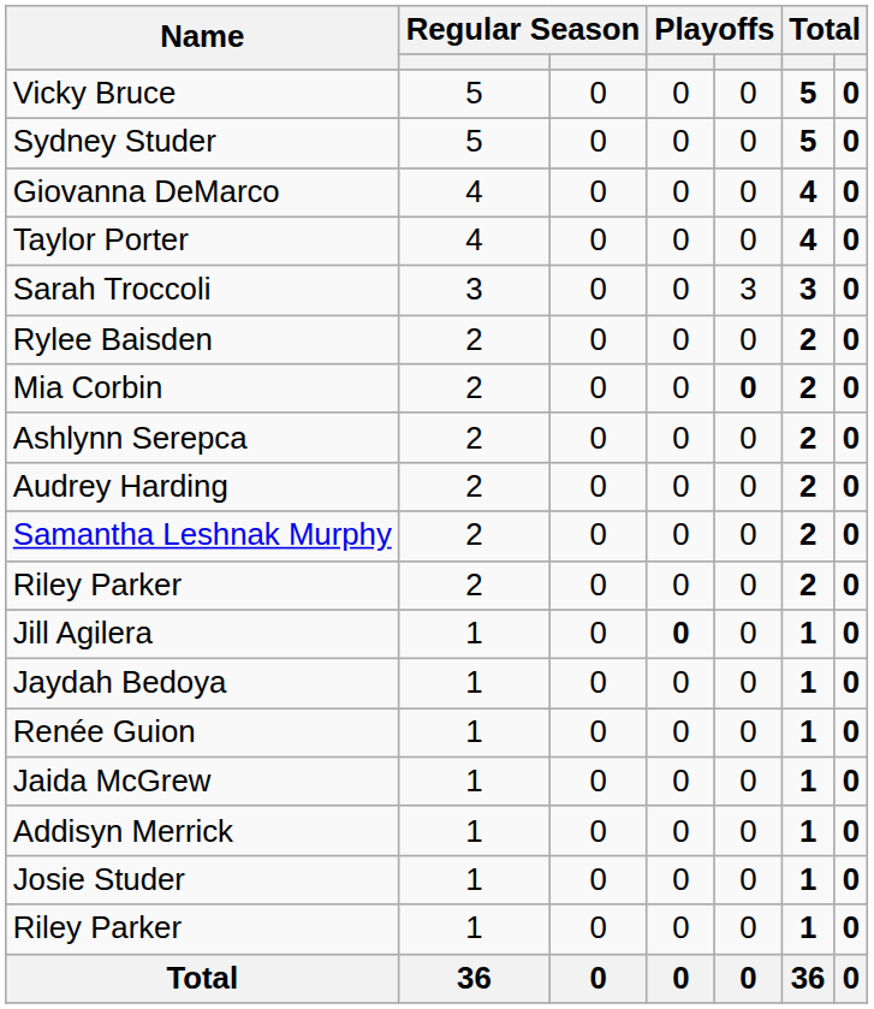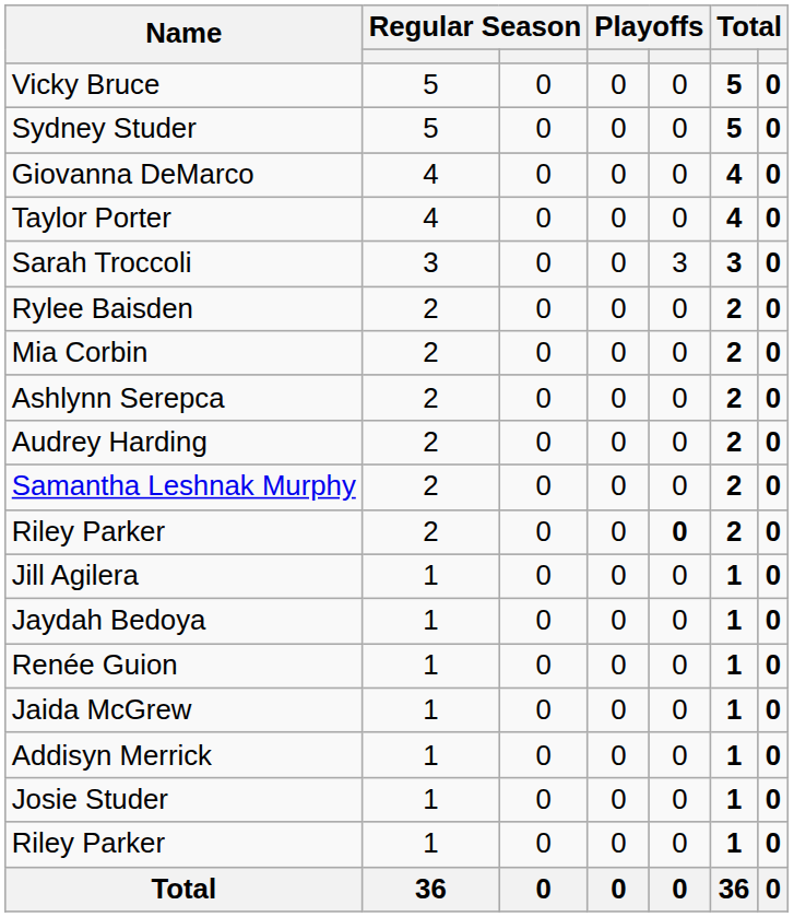 <table class="wikitable sortable" style="text-align: center;">
 <tr>
 <th rowspan="2">Name</th>
 <th colspan="2">Regular Season</th>
 <th colspan="2">Playoffs</th>
 <th colspan="2"><strong>Total</strong></th>
 </tr>
 <tr>
 <th></th>
 <th></th>
 <th></th>
 <th></th>
 <th></th>
 <th></th>
 </tr>
 <tr>
 <td align="left"> Vicky Bruce</td>
 <td>5</td>
 <td>0</td>
 <td>0</td>
 <td>0</td>
 <td><strong>5</strong></td>
 <td><strong>0</strong></td>
 </tr>
 <tr>
 <td align="left"> Sydney Studer</td>
 <td>5</td>
 <td>0</td>
 <td>0</td>
 <td>0</td>
 <td><strong>5</strong></td>
 <td><strong>0</strong></td>
 </tr>
 <tr>
 <td align="left"> Giovanna DeMarco</td>
 <td>4</td>
 <td>0</td>
 <td>0</td>
 <td>0</td>
 <td><strong>4</strong></td>
 <td><strong>0</strong></td>
 </tr>
 <tr>
 <td align="left"> Taylor Porter</td>
 <td>4</td>
 <td>0</td>
 <td>0</td>
 <td>0</td>
 <td><strong>4</strong></td>
 <td><strong>0</strong></td>
 </tr>
 <tr>
 <td align="left"> Sarah Troccoli</td>
 <td>3</td>
 <td>0</td>
 <td>0</td>
 <td>3</td>
 <td><strong>3</strong></td>
 <td><strong>0</strong></td>
 </tr>
 <tr>
 <td align="left"> Rylee Baisden</td>
 <td>2</td>
 <td>0</td>
 <td>0</td>
 <td>0</td>
 <td><strong>2</strong></td>
 <td><strong>0</strong></td>
 </tr>
 <tr>
 <td align="left"> Mia Corbin</td>
 <td>2</td>
 <td>0</td>
 <td>0</td>
-<td><strong>0</strong></td>
+<td>0</td>
 <td><strong>2</strong></td>
 <td><strong>0</strong></td>
 </tr>
 <tr>
 <td align="left"> Ashlynn Serepca</td>
 <td>2</td>
 <td>0</td>
 <td>0</td>
 <td>0</td>
 <td><strong>2</strong></td>
 <td><strong>0</strong></td>
 </tr>
 <tr>
 <td align="left"> Audrey Harding</td>
 <td>2</td>
 <td>0</td>
 <td>0</td>
 <td>0</td>
 <td><strong>2</strong></td>
 <td><strong>0</strong></td>
 </tr>
 <tr>
 <td align="left"><a href='#'>Samantha Leshnak Murphy</a></td>
 <td>2</td>
 <td>0</td>
 <td>0</td>
 <td>0</td>
 <td><strong>2</strong></td>
 <td><strong>0</strong></td>
 </tr>
 <tr>
 <td align="left"> Riley Parker</td>
 <td>2</td>
 <td>0</td>
 <td>0</td>
-<td>0</td>
+<td><strong>0</strong></td>
 <td><strong>2</strong></td>
 <td><strong>0</strong></td>
 </tr>
 <tr>
 <td align="left"> Jill Agilera</td>
 <td>1</td>
 <td>0</td>
-<td><strong>0</strong></td>
+<td>0</td>
 <td>0</td>
 <td><strong>1</strong></td>
 <td><strong>0</strong></td>
 </tr>
 <tr>
 <td align="left"> Jaydah Bedoya</td>
 <td>1</td>
 <td>0</td>
 <td>0</td>
 <td>0</td>
 <td><strong>1</strong></td>
 <td><strong>0</strong></td>
 </tr>
 <tr>
 <td align="left"> Renée Guion</td>
 <td>1</td>
 <td>0</td>
 <td>0</td>
 <td>0</td>
 <td><strong>1</strong></td>
 <td><strong>0</strong></td>
 </tr>
 <tr>
 <td align="left"> Jaida McGrew</td>
 <td>1</td>
 <td>0</td>
 <td>0</td>
 <td>0</td>
 <td><strong>1</strong></td>
 <td><strong>0</strong></td>
 </tr>
 <tr>
 <td align="left"> Addisyn Merrick</td>
 <td>1</td>
 <td>0</td>
 <td>0</td>
 <td>0</td>
 <td><strong>1</strong></td>
 <td><strong>0</strong></td>
 </tr>
 <tr>
 <td align="left"> Josie Studer</td>
 <td>1</td>
 <td>0</td>
 <td>0</td>
 <td>0</td>
 <td><strong>1</strong></td>
 <td><strong>0</strong></td>
 </tr>
 <tr>
 <td align="left"> Riley Parker</td>
 <td>1</td>
 <td>0</td>
 <td>0</td>
 <td>0</td>
 <td><strong>1</strong></td>
 <td><strong>0</strong></td>
 </tr>
 <tr>
 <th>Total</th>
 <th>36</th>
 <th>0</th>
 <th>0</th>
 <th>0</th>
 <th>36</th>
 <th>0</th>
 </tr>
 </table>
